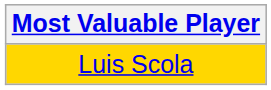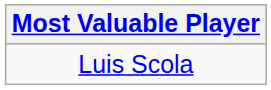 <table class=wikitable style="text-align:center; margin:auto">
 <tr>
 <th><a href='#'>Most Valuable Player</a></th>
 </tr>
 <tr>
-<td style="background: gold;"> <a href='#'>Luis Scola</a></td>
+<td> <a href='#'>Luis Scola</a></td>
 </tr>
 </table>
